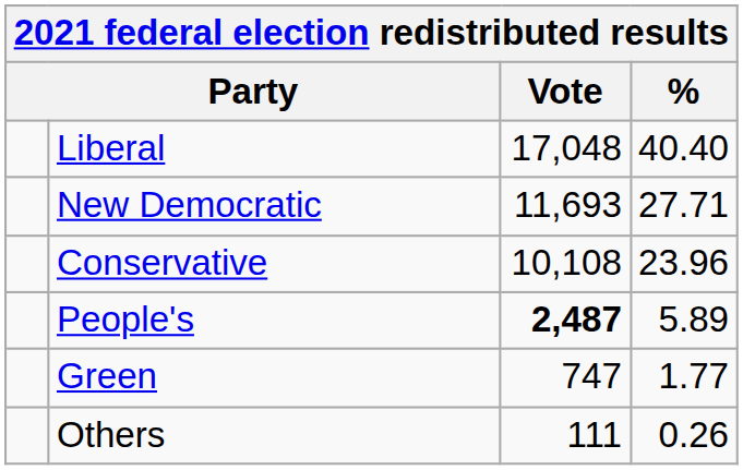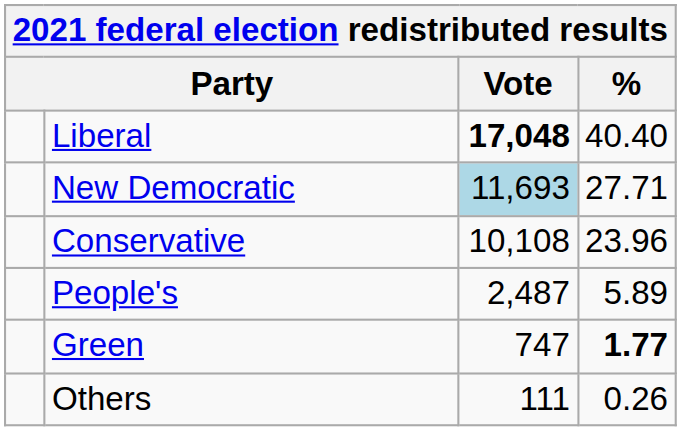 <table class="wikitable">
 <tr>
 <th colspan="4"><a href='#'>2021 federal election</a> redistributed results</th>
 </tr>
 <tr>
 <th bgcolor="#DDDDFF" width="130px" colspan="2">Party</th>
 <th bgcolor="#DDDDFF" width="50px">Vote</th>
 <th bgcolor="#DDDDFF" width="30px">%</th>
 </tr>
 <tr>
 <td> </td>
 <td><a href='#'>Liberal</a></td>
-<td align=right>17,048</td>
+<td align=right><strong>17,048</strong></td>
 <td align=right>40.40</td>
 </tr>
 <tr>
 <td> </td>
 <td><a href='#'>New Democratic</a></td>
-<td align=right>11,693</td>
+<td align=right style="background: lightblue;">11,693</td>
 <td align=right>27.71</td>
 </tr>
 <tr>
 <td> </td>
 <td><a href='#'>Conservative</a></td>
 <td align=right>10,108</td>
 <td align=right>23.96</td>
 </tr>
 <tr>
 <td> </td>
 <td><a href='#'>People's</a></td>
-<td align=right><strong>2,487</strong></td>
+<td align=right>2,487</td>
 <td align=right>5.89</td>
 </tr>
 <tr>
 <td> </td>
 <td><a href='#'>Green</a></td>
 <td align=right>747</td>
-<td align=right>1.77</td>
+<td align=right><strong>1.77</strong></td>
 </tr>
 <tr>
 <td> </td>
 <td>Others</td>
 <td align=right>111</td>
 <td align=right>0.26</td>
 </tr>
 </table>
